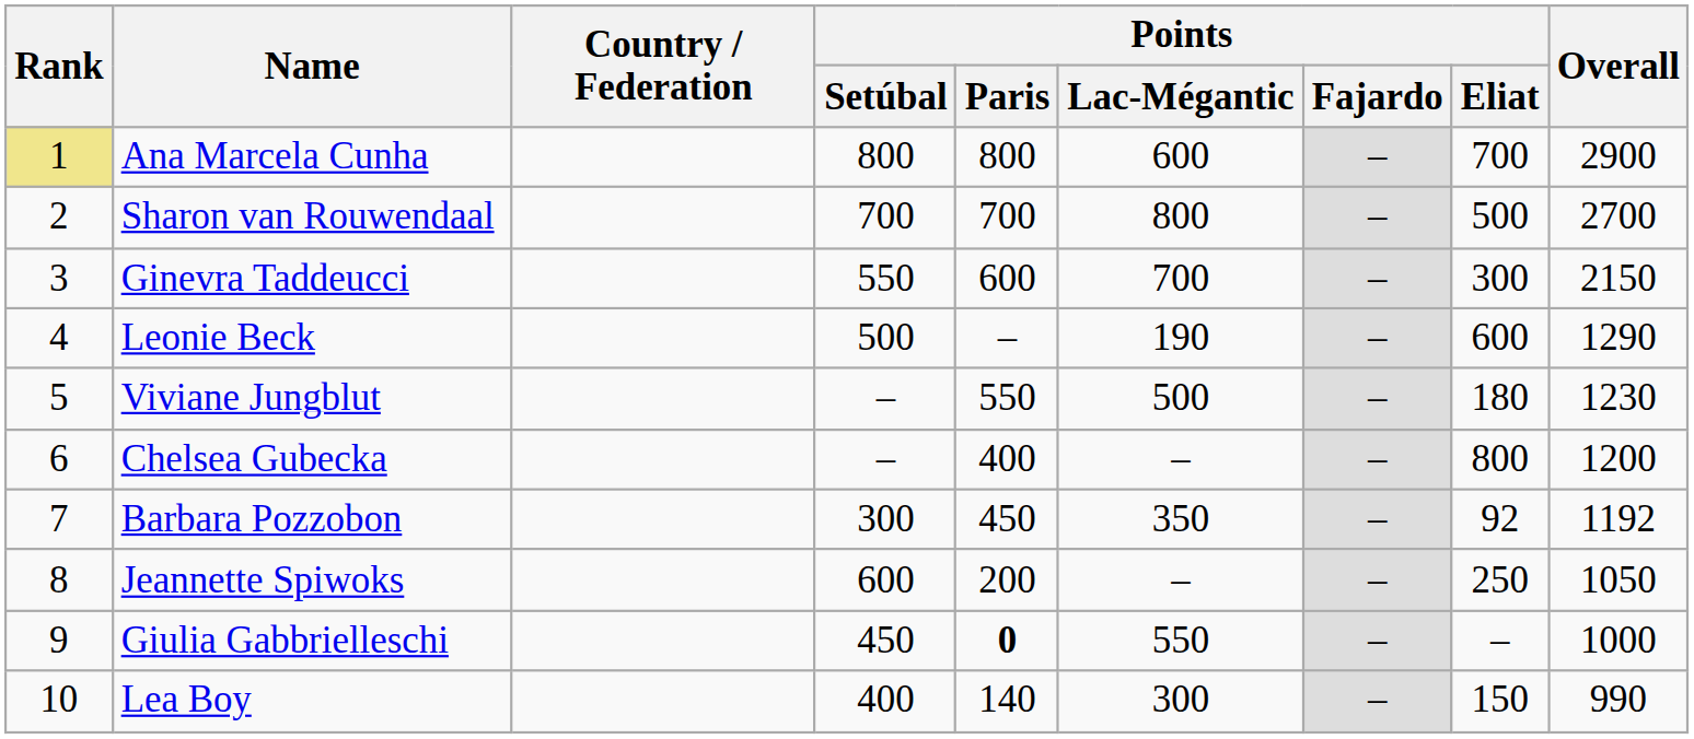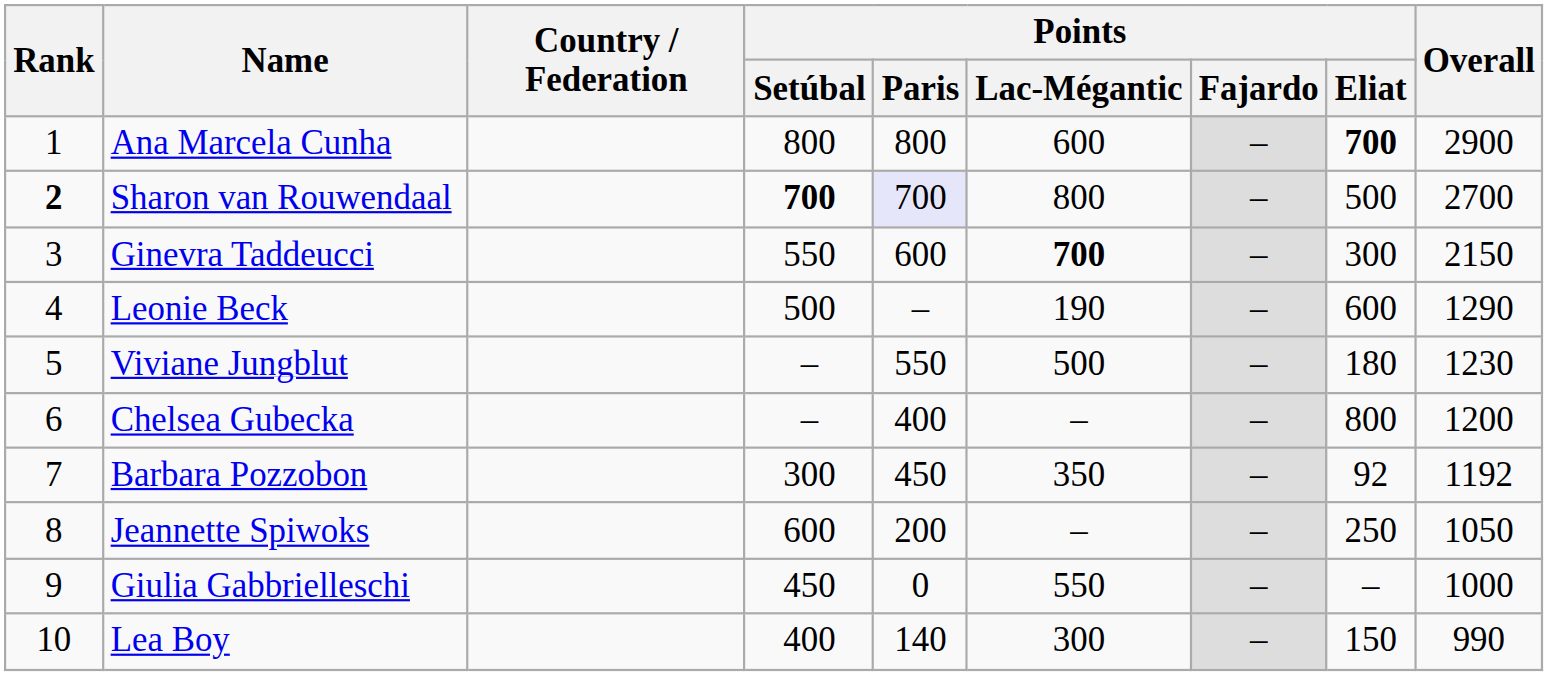 <table class="wikitable" style="text-align:center;">
 <tr>
 <th rowspan=2>Rank</th>
 <th rowspan=2 width=160>Name</th>
 <th rowspan=2 width=120>Country / Federation</th>
 <th colspan=5>Points</th>
 <th rowspan=2>Overall</th>
 </tr>
 <tr>
 <th>Setúbal</th>
 <th>Paris</th>
 <th>Lac-Mégantic</th>
 <th>Fajardo</th>
 <th>Eliat</th>
 </tr>
 <tr>
-<td style="background: khaki;">1</td>
+<td>1</td>
 <td align=left><a href='#'>Ana Marcela Cunha</a></td>
 <td align=left></td>
 <td>800</td>
 <td>800</td>
 <td>600</td>
 <td bgcolor="#DDDDDD" align="center">–</td>
-<td>700</td>
+<td><strong>700</strong></td>
 <td>2900</td>
 </tr>
 <tr>
-<td>2</td>
+<td><strong>2</strong></td>
 <td align=left><a href='#'>Sharon van Rouwendaal</a></td>
 <td align=left></td>
-<td>700</td>
-<td>700</td>
+<td><strong>700</strong></td>
+<td style="background: lavender;">700</td>
 <td>800</td>
 <td bgcolor="#DDDDDD" align="center">–</td>
 <td>500</td>
 <td>2700</td>
 </tr>
 <tr>
 <td>3</td>
 <td align=left><a href='#'>Ginevra Taddeucci</a></td>
 <td align=left></td>
 <td>550</td>
 <td>600</td>
-<td>700</td>
+<td><strong>700</strong></td>
 <td bgcolor="#DDDDDD" align="center">–</td>
 <td>300</td>
 <td>2150</td>
 </tr>
 <tr>
 <td>4</td>
 <td align=left><a href='#'>Leonie Beck</a></td>
 <td align=left></td>
 <td>500</td>
 <td>–</td>
 <td>190</td>
 <td bgcolor="#DDDDDD" align="center">–</td>
 <td>600</td>
 <td>1290</td>
 </tr>
 <tr>
 <td>5</td>
 <td align=left><a href='#'>Viviane Jungblut</a></td>
 <td align=left></td>
 <td>–</td>
 <td>550</td>
 <td>500</td>
 <td bgcolor="#DDDDDD" align="center">–</td>
 <td>180</td>
 <td>1230</td>
 </tr>
 <tr>
 <td>6</td>
 <td align=left><a href='#'>Chelsea Gubecka</a></td>
 <td align=left></td>
 <td>–</td>
 <td>400</td>
 <td>–</td>
 <td bgcolor="#DDDDDD" align="center">–</td>
 <td>800</td>
 <td>1200</td>
 </tr>
 <tr>
 <td>7</td>
 <td align=left><a href='#'>Barbara Pozzobon</a></td>
 <td align=left></td>
 <td>300</td>
 <td>450</td>
 <td>350</td>
 <td bgcolor="#DDDDDD" align="center">–</td>
 <td>92</td>
 <td>1192</td>
 </tr>
 <tr>
 <td>8</td>
 <td align=left><a href='#'>Jeannette Spiwoks</a></td>
 <td align=left></td>
 <td>600</td>
 <td>200</td>
 <td>–</td>
 <td bgcolor="#DDDDDD" align="center">–</td>
 <td>250</td>
 <td>1050</td>
 </tr>
 <tr>
 <td>9</td>
 <td align=left><a href='#'>Giulia Gabbrielleschi</a></td>
 <td align=left></td>
 <td>450</td>
-<td><strong>0</strong></td>
+<td>0</td>
 <td>550</td>
 <td bgcolor="#DDDDDD" align="center">–</td>
 <td>–</td>
 <td>1000</td>
 </tr>
 <tr>
 <td>10</td>
 <td align=left><a href='#'>Lea Boy</a></td>
 <td align=left></td>
 <td>400</td>
 <td>140</td>
 <td>300</td>
 <td bgcolor="#DDDDDD" align="center">–</td>
 <td>150</td>
 <td>990</td>
 </tr>
 </table>
